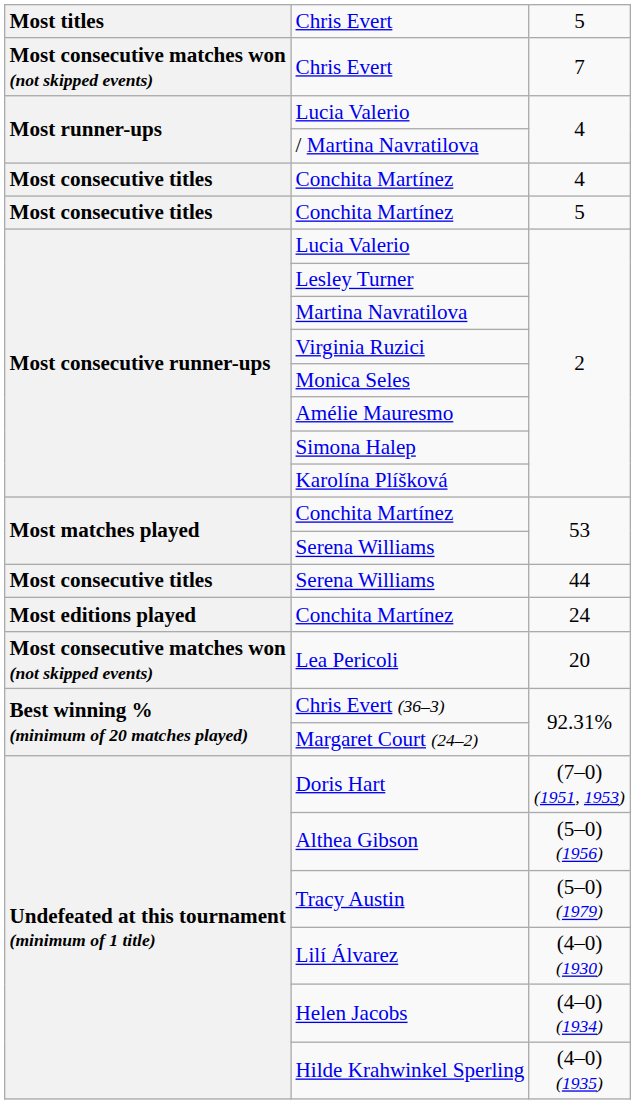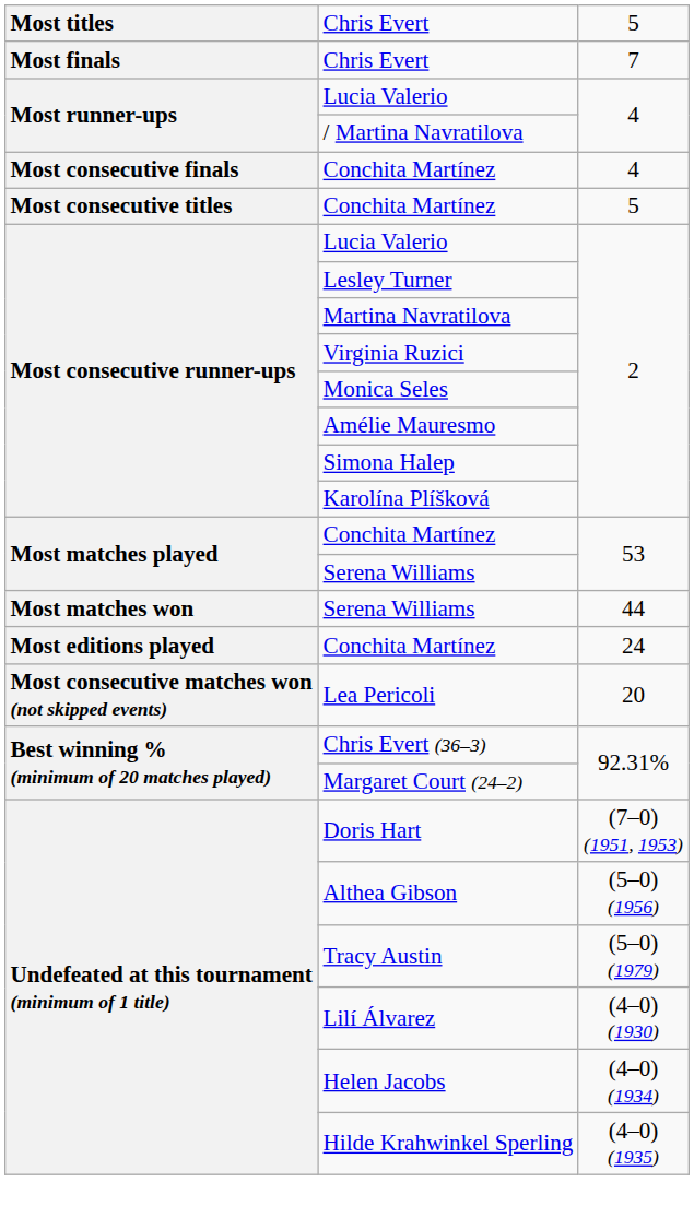 <table class=wikitable>
 <tr>
 <th style="text-align:left;">Most titles</th>
 <td> <a href='#'>Chris Evert</a></td>
 <td style="text-align:center;">5</td>
 </tr>
 <tr>
-<th style="text-align:left;">Most consecutive matches won<br><small><em>(not skipped events)</em></small></th>
+<th style="text-align:left;">Most finals</th>
 <td> <a href='#'>Chris Evert</a></td>
 <td style="text-align:center;">7</td>
 </tr>
 <tr>
 <th rowspan = 2 style="text-align:left;">Most runner-ups</th>
 <td> <a href='#'>Lucia Valerio</a></td>
 <td rowspan = 2 style="text-align:center;">4</td>
 </tr>
 <tr>
 <td>/ <a href='#'>Martina Navratilova</a></td>
 </tr>
 <tr>
-<th style="text-align:left;">Most consecutive titles<br> </th>
+<th style="text-align:left;">Most consecutive finals<br> </th>
 <td> <a href='#'>Conchita Martínez</a><br></td>
 <td style="text-align:center;">4</td>
 </tr>
 <tr>
 <th style="text-align:left;">Most consecutive titles<br> </th>
 <td> <a href='#'>Conchita Martínez</a><br></td>
 <td style="text-align:center;">5</td>
 </tr>
 <tr>
 <th rowspan = 8 style="text-align:left;">Most consecutive runner-ups<br> </th>
 <td> <a href='#'>Lucia Valerio</a><br></td>
 <td rowspan = 8 style="text-align:center;">2</td>
 </tr>
 <tr>
 <td> <a href='#'>Lesley Turner</a><br></td>
 </tr>
 <tr>
 <td> <a href='#'>Martina Navratilova</a><br></td>
 </tr>
 <tr>
 <td> <a href='#'>Virginia Ruzici</a><br></td>
 </tr>
 <tr>
 <td> <a href='#'>Monica Seles</a><br></td>
 </tr>
 <tr>
 <td> <a href='#'>Amélie Mauresmo</a><br></td>
 </tr>
 <tr>
 <td> <a href='#'>Simona Halep</a><br></td>
 </tr>
 <tr>
 <td> <a href='#'>Karolína Plíšková</a><br></td>
 </tr>
 <tr>
 <th rowspan = 2 style="text-align:left;">Most matches played</th>
 <td> <a href='#'>Conchita Martínez</a></td>
 <td rowspan = 2 style="text-align:center;">53</td>
 </tr>
 <tr>
 <td> <a href='#'>Serena Williams</a></td>
 </tr>
 <tr>
-<th style="text-align:left;">Most consecutive titles<br> </th>
+<th style="text-align:left;">Most matches won</th>
 <td> <a href='#'>Serena Williams</a></td>
 <td style="text-align:center;">44</td>
 </tr>
 <tr>
 <th style="text-align:left;">Most editions played</th>
 <td> <a href='#'>Conchita Martínez</a></td>
 <td style="text-align:center;">24</td>
 </tr>
 <tr>
 <th style="text-align:left;">Most consecutive matches won<br><small><em>(not skipped events)</em></small></th>
 <td> <a href='#'>Lea Pericoli</a></td>
 <td style="text-align:center;">20</td>
 </tr>
 <tr>
 <th rowspan = 2 style="text-align:left;">Best winning %<br><small><em>(minimum of 20 matches played)</em></small></th>
 <td> <a href='#'>Chris Evert</a> <small><em>(36–3)</em></small></td>
 <td rowspan = 2 style="text-align:center;">92.31%</td>
 </tr>
 <tr>
 <td> <a href='#'>Margaret Court</a> <small><em>(24–2)</em></small></td>
 </tr>
 <tr>
 <th rowspan = 6 style="text-align:left;">Undefeated at this tournament<br><small><em>(minimum of 1 title)</em></small></th>
 <td> <a href='#'>Doris Hart</a></td>
 <td style="text-align:center;">(7–0)<br><small><em>(<a href='#'>1951</a>, <a href='#'>1953</a>)</em></small></td>
 </tr>
 <tr>
 <td> <a href='#'>Althea Gibson</a></td>
 <td style="text-align:center;">(5–0)<br><small><em>(<a href='#'>1956</a>)</em></small></td>
 </tr>
 <tr>
 <td> <a href='#'>Tracy Austin</a></td>
 <td style="text-align:center;">(5–0)<br><small><em>(<a href='#'>1979</a>)</em></small></td>
 </tr>
 <tr>
 <td> <a href='#'>Lilí Álvarez</a></td>
 <td style="text-align:center;">(4–0)<br><small><em>(<a href='#'>1930</a>)</em></small></td>
 </tr>
 <tr>
 <td> <a href='#'>Helen Jacobs</a></td>
 <td style="text-align:center;">(4–0)<br><small><em>(<a href='#'>1934</a>)</em></small></td>
 </tr>
 <tr>
 <td> <a href='#'>Hilde Krahwinkel Sperling</a></td>
 <td style="text-align:center;">(4–0)<br><small><em>(<a href='#'>1935</a>)</em></small></td>
 </tr>
 </table>
